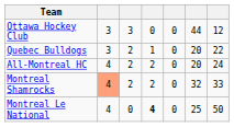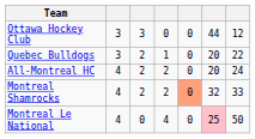 <table class="wikitable">
 <tr>
 <th style="width:10em">Team</th>
 <th style="width:2em"></th>
 <th style="width:2em"></th>
 <th style="width:2em"></th>
 <th style="width:2em"></th>
 <th style="width:2em"></th>
 <th style="width:2em"></th>
 </tr>
 <tr align="center">
 <td align="left"><a href='#'>Ottawa Hockey Club</a></td>
 <td>3</td>
 <td>3</td>
 <td>0</td>
 <td>0</td>
 <td>44</td>
 <td>12</td>
 </tr>
 <tr align="center">
 <td align="left"><a href='#'>Quebec Bulldogs</a></td>
 <td>3</td>
 <td>2</td>
 <td>1</td>
 <td>0</td>
 <td>20</td>
 <td>22</td>
 </tr>
 <tr align="center">
 <td align="left"><a href='#'>All-Montreal HC</a></td>
 <td>4</td>
 <td>2</td>
 <td>2</td>
 <td>0</td>
 <td>20</td>
 <td>24</td>
 </tr>
 <tr align="center">
 <td align="left"><a href='#'>Montreal Shamrocks</a></td>
-<td style="background: lightsalmon;">4</td>
+<td>4</td>
 <td>2</td>
 <td>2</td>
-<td>0</td>
+<td style="background: lightsalmon;">0</td>
 <td>32</td>
 <td>33</td>
 </tr>
 <tr align="center">
 <td align="left"><a href='#'>Montreal Le National</a></td>
 <td>4</td>
 <td>0</td>
-<td><strong>4</strong></td>
+<td>4</td>
 <td>0</td>
-<td>25</td>
+<td style="background: pink;">25</td>
 <td>50</td>
 </tr>
 </table>
